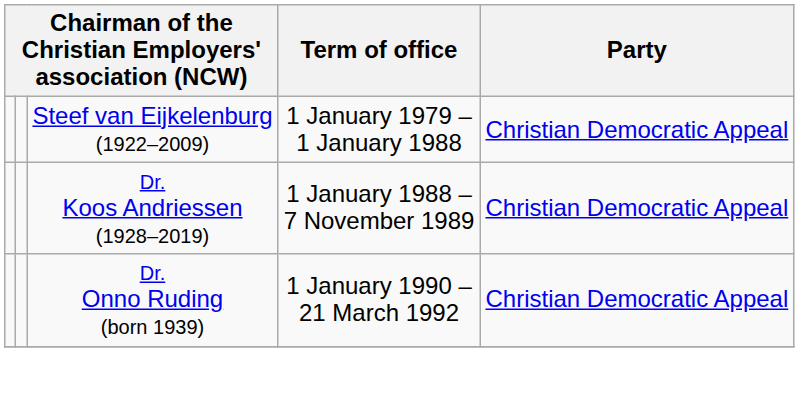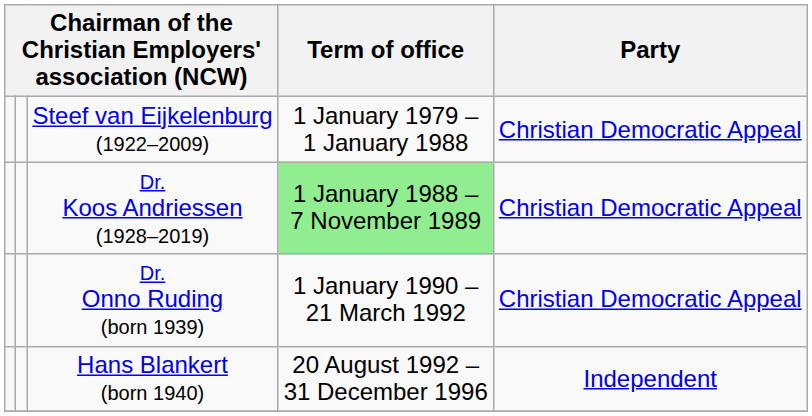 <table class="wikitable" style="text-align:center">
 <tr>
 <th colspan=3>Chairman of the <br> Christian Employers' <br> association (NCW)</th>
 <th>Term of office</th>
 <th>Party</th>
 </tr>
 <tr>
 <td style="background:"></td>
 <td></td>
 <td><a href='#'>Steef van Eijkelenburg</a> <br> <small>(1922–2009)</small></td>
 <td>1 January 1979 – <br> 1 January 1988</td>
 <td><a href='#'>Christian Democratic Appeal</a></td>
 </tr>
 <tr>
 <td style="background:"></td>
 <td></td>
 <td><small><a href='#'>Dr.</a></small> <br> <a href='#'>Koos Andriessen</a> <br> <small>(1928–2019)</small></td>
-<td>1 January 1988 – <br> 7 November 1989</td>
+<td style="background: lightgreen;">1 January 1988 – <br> 7 November 1989</td>
 <td><a href='#'>Christian Democratic Appeal</a></td>
 </tr>
 <tr>
 <td style="background:"></td>
 <td></td>
 <td><small><a href='#'>Dr.</a></small> <br> <a href='#'>Onno Ruding</a> <br> <small>(born 1939)</small></td>
 <td>1 January 1990 – <br> 21 March 1992</td>
 <td><a href='#'>Christian Democratic Appeal</a></td>
 </tr>
 <tr>
+<td style="background:"></td>
+<td></td>
+<td><a href='#'>Hans Blankert</a> <br> <small>(born 1940)</small></td>
+<td>20 August 1992 – <br> 31 December 1996</td>
+<td><a href='#'>Independent</a></td>
+</tr>
+<tr>
 </tr>
 </table>
